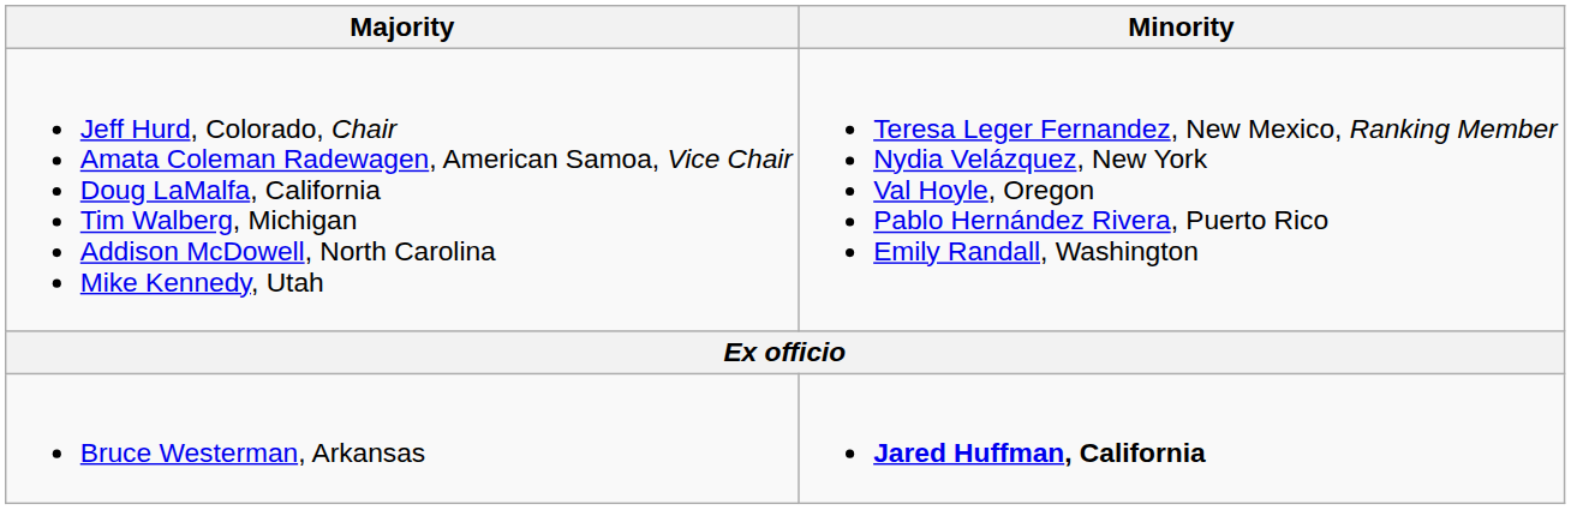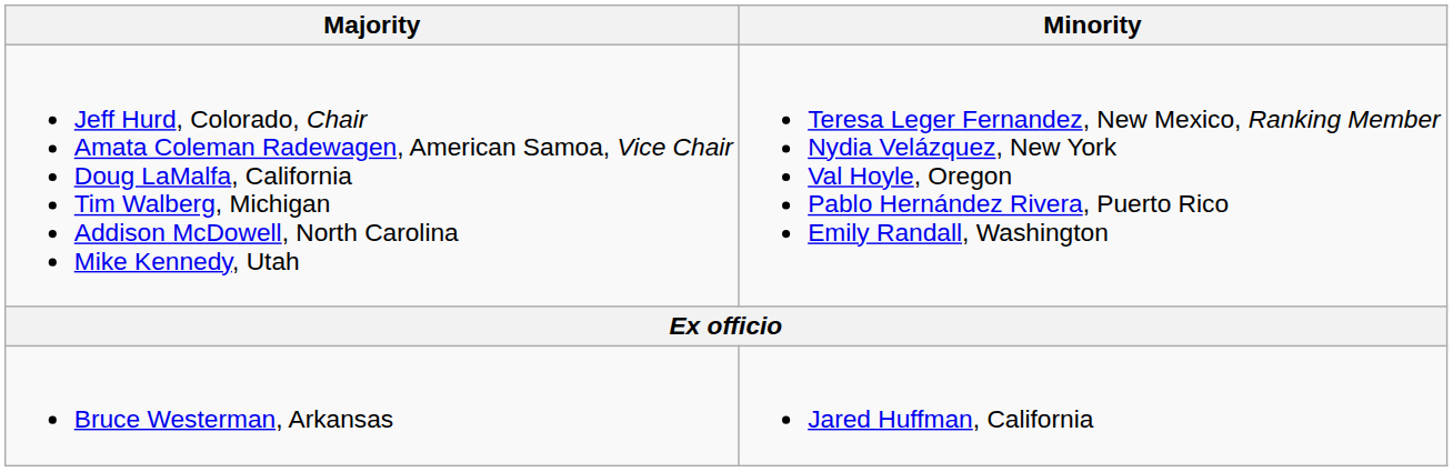 <table class=wikitable>
 <tr>
 <th>Majority</th>
 <th>Minority</th>
 </tr>
 <tr valign=top>
 <td><br><ul><li><a href='#'>Jeff Hurd</a>, Colorado, <em>Chair</em></li><li><a href='#'>Amata Coleman Radewagen</a>, American Samoa, <em>Vice Chair</em></li><li><a href='#'>Doug LaMalfa</a>, California</li><li><a href='#'>Tim Walberg</a>, Michigan</li><li><a href='#'>Addison McDowell</a>, North Carolina</li><li><a href='#'>Mike Kennedy</a>, Utah</li></ul></td>
 <td><br><ul><li><a href='#'>Teresa Leger Fernandez</a>, New Mexico, <em>Ranking Member</em></li><li><a href='#'>Nydia Velázquez</a>, New York</li><li><a href='#'>Val Hoyle</a>, Oregon</li><li><a href='#'>Pablo Hernández Rivera</a>, Puerto Rico</li><li><a href='#'>Emily Randall</a>, Washington</li></ul></td>
 </tr>
 <tr>
 <th colspan=2><em>Ex officio</em></th>
 </tr>
 <tr>
 <td><br><ul><li><a href='#'>Bruce Westerman</a>, Arkansas</li></ul></td>
-<td><strong><br><ul><li><a href='#'>Jared Huffman</a>, California</li></ul></strong></td>
+<td><br><ul><li><a href='#'>Jared Huffman</a>, California</li></ul></td>
 </tr>
 </table>
